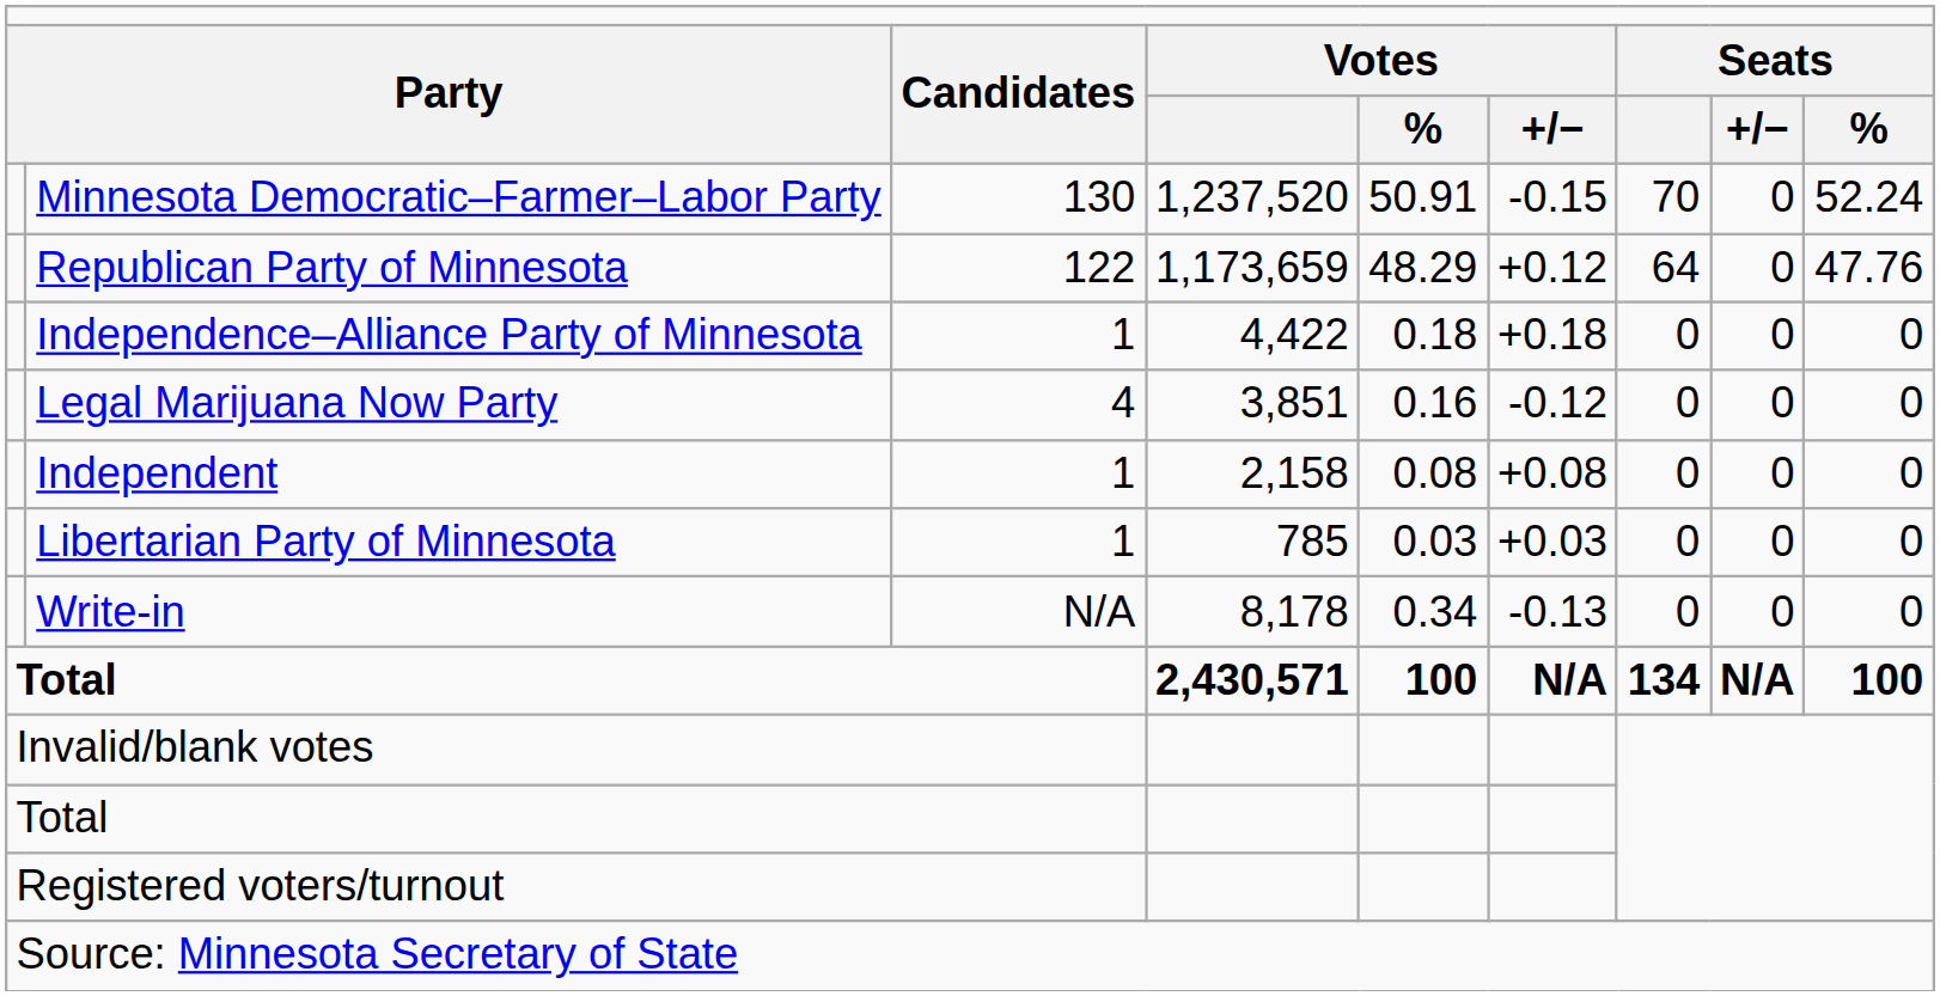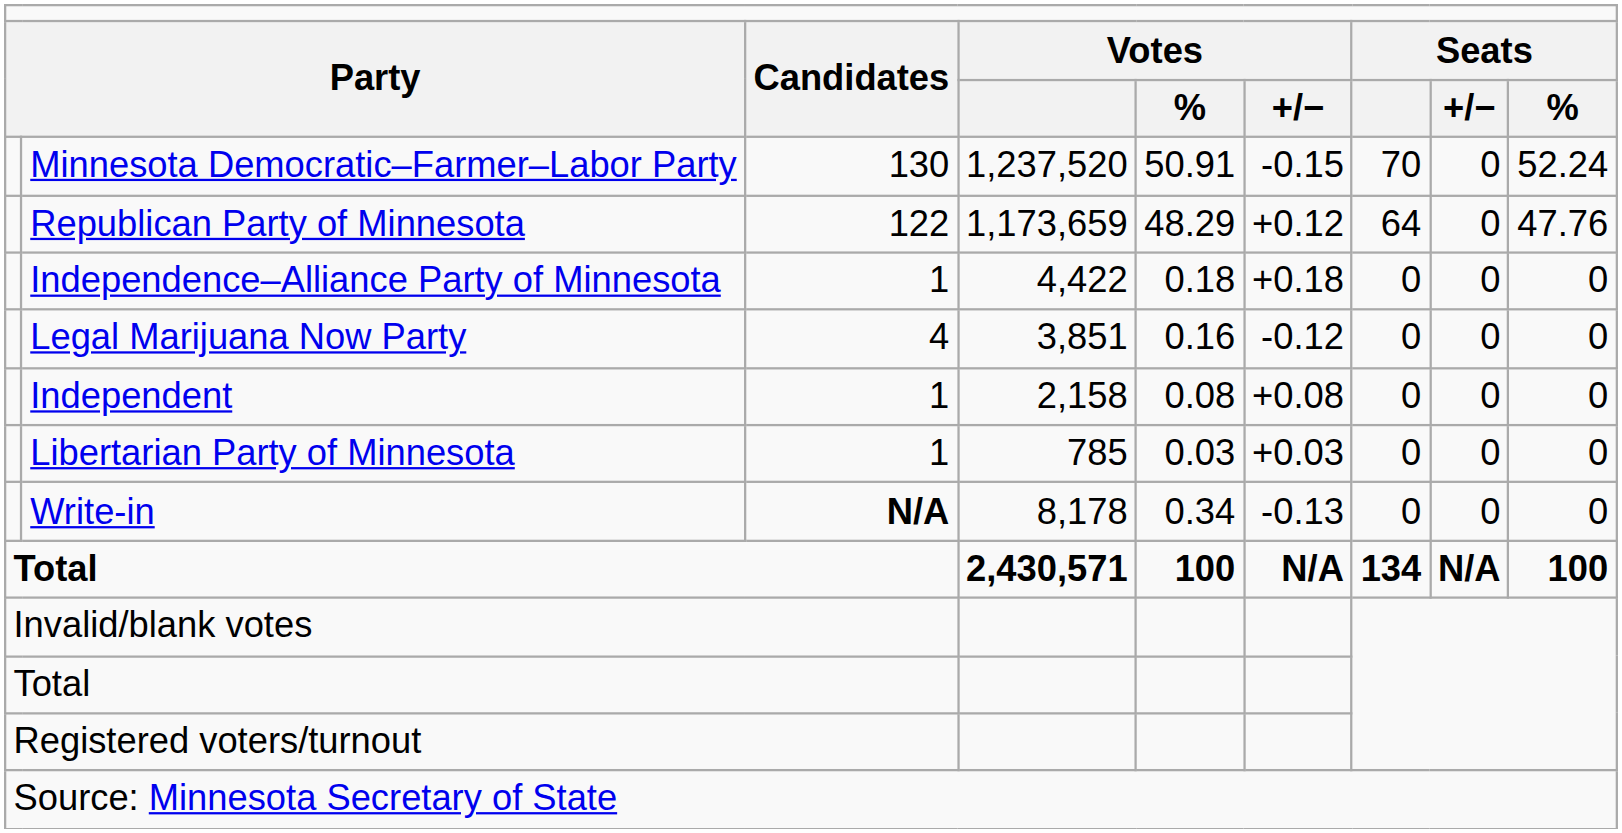 <table class="wikitable">
 <tr>
 <td colspan="9"></td>
 </tr>
 <tr>
 <th colspan="2" rowspan="2">Party</th>
 <th rowspan="2">Candidates</th>
 <th colspan="3">Votes</th>
 <th colspan="3">Seats</th>
 </tr>
 <tr>
 <th></th>
 <th>%</th>
 <th>+/−</th>
 <th></th>
 <th>+/−</th>
 <th>%</th>
 </tr>
 <tr>
 <td style="background-color:"></td>
 <td><a href='#'>Minnesota Democratic–Farmer–Labor Party</a></td>
 <td align="right">130</td>
 <td align="right">1,237,520</td>
 <td align="right">50.91</td>
 <td align="right">-0.15</td>
 <td align="right">70</td>
 <td align="right">0</td>
 <td align="right">52.24</td>
 </tr>
 <tr>
 <td style="background-color:"></td>
 <td><a href='#'>Republican Party of Minnesota</a></td>
 <td align="right">122</td>
 <td align="right">1,173,659</td>
 <td align="right">48.29</td>
 <td align="right">+0.12</td>
 <td align="right">64</td>
 <td align="right">0</td>
 <td align="right">47.76</td>
 </tr>
 <tr>
 <td style="background-color:"></td>
 <td><a href='#'>Independence–Alliance Party of Minnesota</a></td>
 <td align="right">1</td>
 <td align="right">4,422</td>
 <td align="right">0.18</td>
 <td align="right">+0.18</td>
 <td align="right">0</td>
 <td align="right">0</td>
 <td align="right">0</td>
 </tr>
 <tr>
 <td style="background-color:"></td>
 <td><a href='#'>Legal Marijuana Now Party</a></td>
 <td align="right">4</td>
 <td align="right">3,851</td>
 <td align="right">0.16</td>
 <td align="right">-0.12</td>
 <td align="right">0</td>
 <td align="right">0</td>
 <td align="right">0</td>
 </tr>
 <tr>
 <td style="background-color:"></td>
 <td><a href='#'>Independent</a></td>
 <td align="right">1</td>
 <td align="right">2,158</td>
 <td align="right">0.08</td>
 <td align="right">+0.08</td>
 <td align="right">0</td>
 <td align="right">0</td>
 <td align="right">0</td>
 </tr>
 <tr>
 <td style="background-color:"></td>
 <td><a href='#'>Libertarian Party of Minnesota</a></td>
 <td align="right">1</td>
 <td align="right">785</td>
 <td align="right">0.03</td>
 <td align="right">+0.03</td>
 <td align="right">0</td>
 <td align="right">0</td>
 <td align="right">0</td>
 </tr>
 <tr>
 <td style="background-color:"></td>
 <td><a href='#'>Write-in</a></td>
-<td align="right">N/A</td>
+<td align="right"><strong>N/A</strong></td>
 <td align="right">8,178</td>
 <td align="right">0.34</td>
 <td align="right">-0.13</td>
 <td align="right">0</td>
 <td align="right">0</td>
 <td align="right">0</td>
 </tr>
 <tr>
 <td colspan="3"><strong>Total</strong></td>
 <td style="font-weight:bold" align="right">2,430,571</td>
 <td style="font-weight:bold" align="right">100</td>
 <td style="font-weight:bold" align="right">N/A</td>
 <td style="font-weight:bold" align="right">134</td>
 <td style="font-weight:bold" align="right">N/A</td>
 <td style="font-weight:bold" align="right">100</td>
 </tr>
 <tr>
 <td colspan="3">Invalid/blank votes</td>
 <td align="right"></td>
 <td align="right"></td>
 <td align="right"></td>
 <td colspan="3" rowspan="3"></td>
 </tr>
 <tr>
 <td colspan="3">Total</td>
 <td align="right"></td>
 <td align="right"></td>
 <td align="right"></td>
 </tr>
 <tr>
 <td colspan="3">Registered voters/turnout</td>
 <td align="right"></td>
 <td align="right"></td>
 <td align="right"></td>
 </tr>
 <tr>
 <td colspan="9">Source: <a href='#'>Minnesota Secretary of State</a></td>
 </tr>
 </table>
